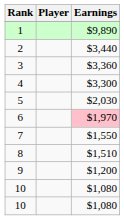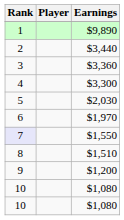 <table class="wikitable" style="float:right; text-align:right; margin-left:1em">
 <tr>
 <th>Rank</th>
 <th>Player</th>
 <th>Earnings</th>
 </tr>
 <tr>
 </tr>
 <tr style="background-color:#ccffcc">
 <td align=center>1</td>
 <td style="text-align:left"></td>
 <td>$9,890</td>
 </tr>
 <tr>
 <td align=center>2</td>
 <td style="text-align:left"></td>
 <td>$3,440</td>
 </tr>
 <tr>
 <td align=center>3</td>
 <td style="text-align:left"></td>
 <td>$3,360</td>
 </tr>
 <tr>
 <td align=center>4</td>
 <td style="text-align:left"></td>
 <td>$3,300</td>
 </tr>
 <tr>
 <td align=center>5</td>
 <td style="text-align:left"></td>
 <td>$2,030</td>
 </tr>
 <tr>
 <td align=center>6</td>
 <td style="text-align:left"></td>
-<td style="background: pink;">$1,970</td>
+<td>$1,970</td>
 </tr>
 <tr>
-<td align=center>7</td>
+<td align=center style="background: lavender;">7</td>
 <td style="text-align:left"></td>
 <td>$1,550</td>
 </tr>
 <tr>
 <td align=center>8</td>
 <td style="text-align:left"></td>
 <td>$1,510</td>
 </tr>
 <tr>
 <td align=center>9</td>
 <td style="text-align:left"></td>
 <td>$1,200</td>
 </tr>
 <tr>
 <td align=center>10</td>
 <td style="text-align:left"></td>
 <td>$1,080</td>
 </tr>
 <tr>
 <td align=center>10</td>
 <td style="text-align:left"></td>
 <td>$1,080</td>
 </tr>
 </table>
